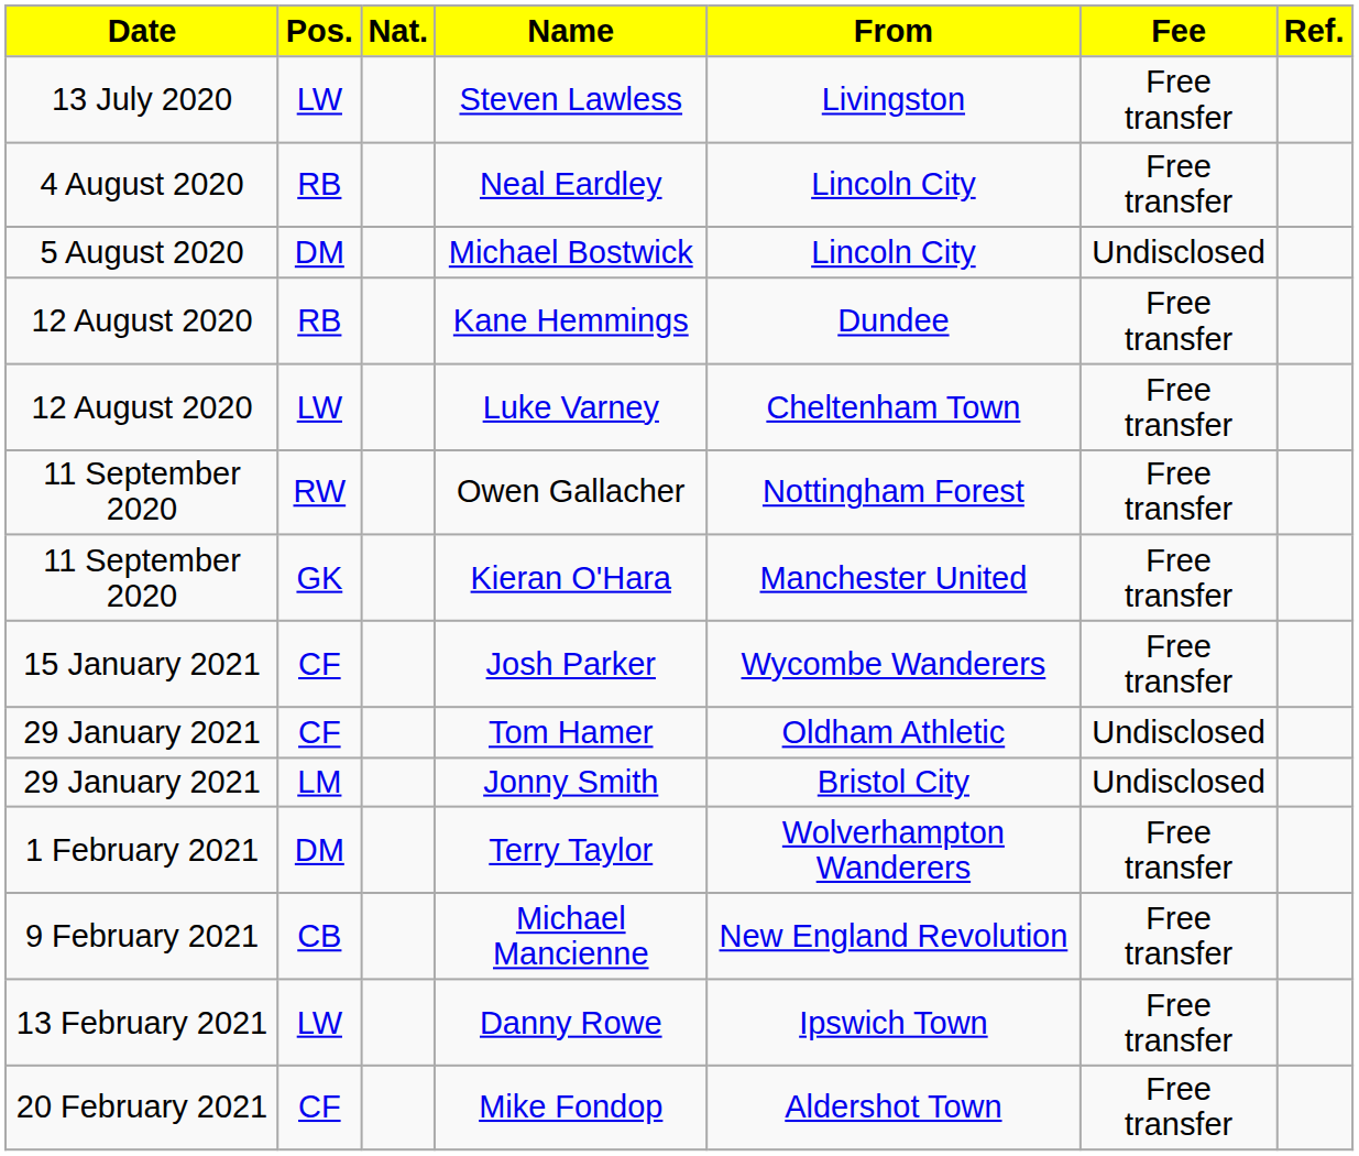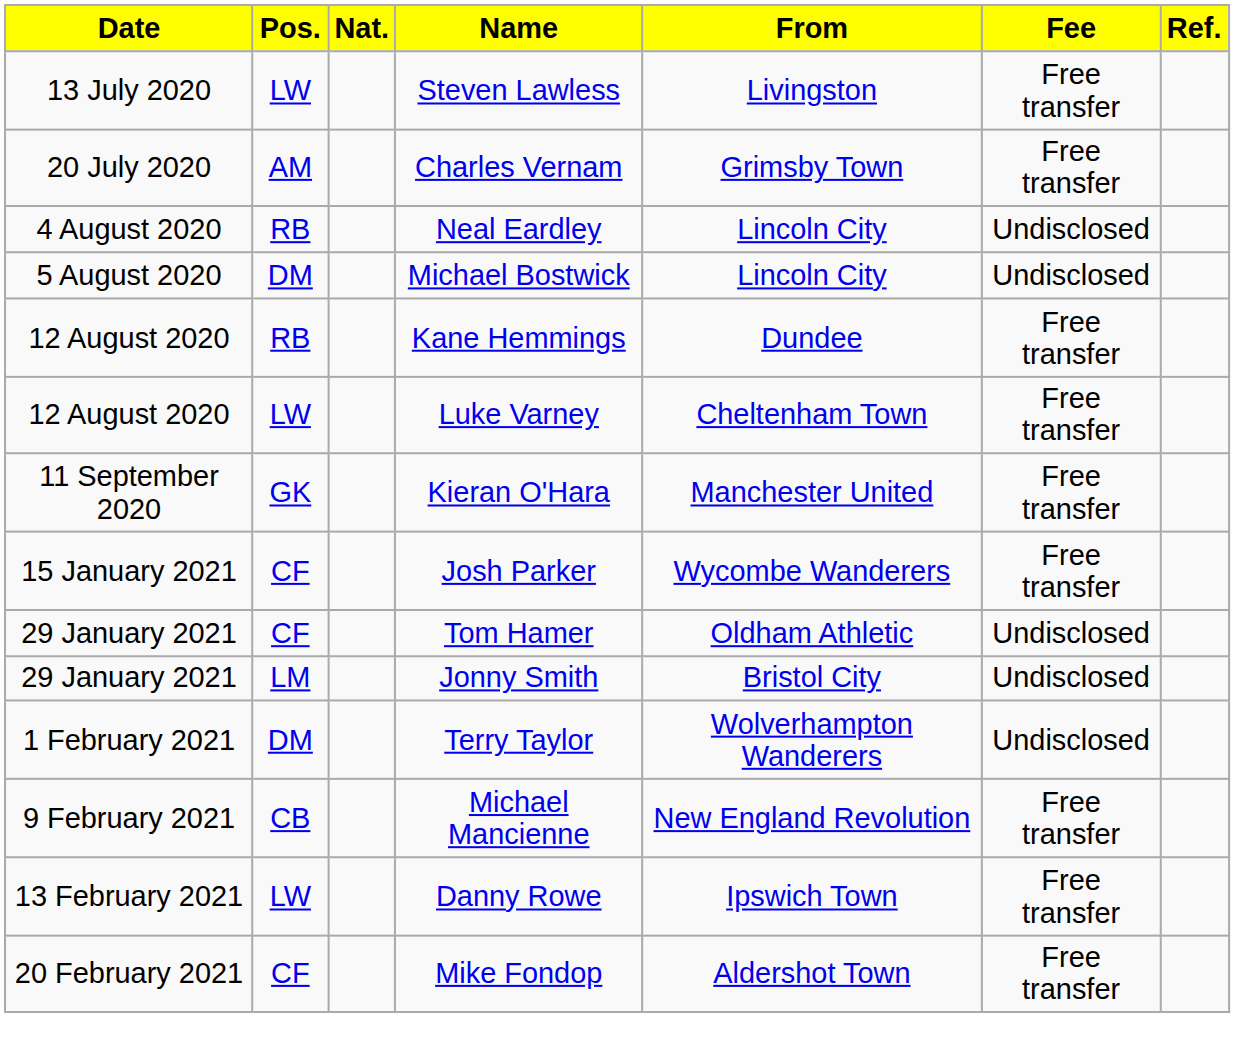 <table class="wikitable"  style="text-align:center; font-size:90%; ">
 <tr>
 <th style="background:yellow;">Date</th>
 <th style="background:yellow;">Pos.</th>
 <th style="background:yellow;">Nat.</th>
 <th style="background:yellow;">Name</th>
 <th style="background:yellow;">From</th>
 <th style="background:yellow;">Fee</th>
 <th style="background:yellow;">Ref.</th>
 </tr>
 <tr>
 <td>13 July 2020</td>
 <td><a href='#'>LW</a></td>
 <td></td>
 <td><a href='#'>Steven Lawless</a></td>
 <td> <a href='#'>Livingston</a></td>
 <td>Free transfer</td>
 <td></td>
 </tr>
 <tr>
+<td>20 July 2020</td>
+<td><a href='#'>AM</a></td>
+<td></td>
+<td><a href='#'>Charles Vernam</a></td>
+<td> <a href='#'>Grimsby Town</a></td>
+<td>Free transfer</td>
+<td></td>
+</tr>
+<tr>
 <td>4 August 2020</td>
 <td><a href='#'>RB</a></td>
 <td></td>
 <td><a href='#'>Neal Eardley</a></td>
 <td> <a href='#'>Lincoln City</a></td>
-<td>Free transfer</td>
+<td>Undisclosed</td>
 <td></td>
 </tr>
 <tr>
 <td>5 August 2020</td>
 <td><a href='#'>DM</a></td>
 <td></td>
 <td><a href='#'>Michael Bostwick</a></td>
 <td> <a href='#'>Lincoln City</a></td>
 <td>Undisclosed</td>
 <td></td>
 </tr>
 <tr>
 <td>12 August 2020</td>
 <td><a href='#'>RB</a></td>
 <td></td>
 <td><a href='#'>Kane Hemmings</a></td>
 <td> <a href='#'>Dundee</a></td>
 <td>Free transfer</td>
 <td></td>
 </tr>
 <tr>
 <td>12 August 2020</td>
 <td><a href='#'>LW</a></td>
 <td></td>
 <td><a href='#'>Luke Varney</a></td>
 <td> <a href='#'>Cheltenham Town</a></td>
-<td>Free transfer</td>
-<td></td>
-</tr>
-<tr>
-<td>11 September 2020</td>
-<td><a href='#'>RW</a></td>
-<td></td>
-<td>Owen Gallacher</td>
-<td> <a href='#'>Nottingham Forest</a></td>
 <td>Free transfer</td>
 <td></td>
 </tr>
 <tr>
 <td>11 September 2020</td>
 <td><a href='#'>GK</a></td>
 <td></td>
 <td><a href='#'>Kieran O'Hara</a></td>
 <td> <a href='#'>Manchester United</a></td>
 <td>Free transfer</td>
 <td></td>
 </tr>
 <tr>
 <td>15 January 2021</td>
 <td><a href='#'>CF</a></td>
 <td></td>
 <td><a href='#'>Josh Parker</a></td>
 <td> <a href='#'>Wycombe Wanderers</a></td>
 <td>Free transfer</td>
 <td></td>
 </tr>
 <tr>
 <td>29 January 2021</td>
 <td><a href='#'>CF</a></td>
 <td></td>
 <td><a href='#'>Tom Hamer</a></td>
 <td> <a href='#'>Oldham Athletic</a></td>
 <td>Undisclosed</td>
 <td></td>
 </tr>
 <tr>
 <td>29 January 2021</td>
 <td><a href='#'>LM</a></td>
 <td></td>
 <td><a href='#'>Jonny Smith</a></td>
 <td> <a href='#'>Bristol City</a></td>
 <td>Undisclosed</td>
 <td></td>
 </tr>
 <tr>
 <td>1 February 2021</td>
 <td><a href='#'>DM</a></td>
 <td></td>
 <td><a href='#'>Terry Taylor</a></td>
 <td> <a href='#'>Wolverhampton Wanderers</a></td>
-<td>Free transfer</td>
+<td>Undisclosed</td>
 <td></td>
 </tr>
 <tr>
 <td>9 February 2021</td>
 <td><a href='#'>CB</a></td>
 <td></td>
 <td><a href='#'>Michael Mancienne</a></td>
 <td> <a href='#'>New England Revolution</a></td>
 <td>Free transfer</td>
 <td></td>
 </tr>
 <tr>
 <td>13 February 2021</td>
 <td><a href='#'>LW</a></td>
 <td></td>
 <td><a href='#'>Danny Rowe</a></td>
 <td> <a href='#'>Ipswich Town</a></td>
 <td>Free transfer</td>
 <td></td>
 </tr>
 <tr>
 <td>20 February 2021</td>
 <td><a href='#'>CF</a></td>
 <td></td>
 <td><a href='#'>Mike Fondop</a></td>
 <td> <a href='#'>Aldershot Town</a></td>
 <td>Free transfer</td>
 <td></td>
 </tr>
 </table>
